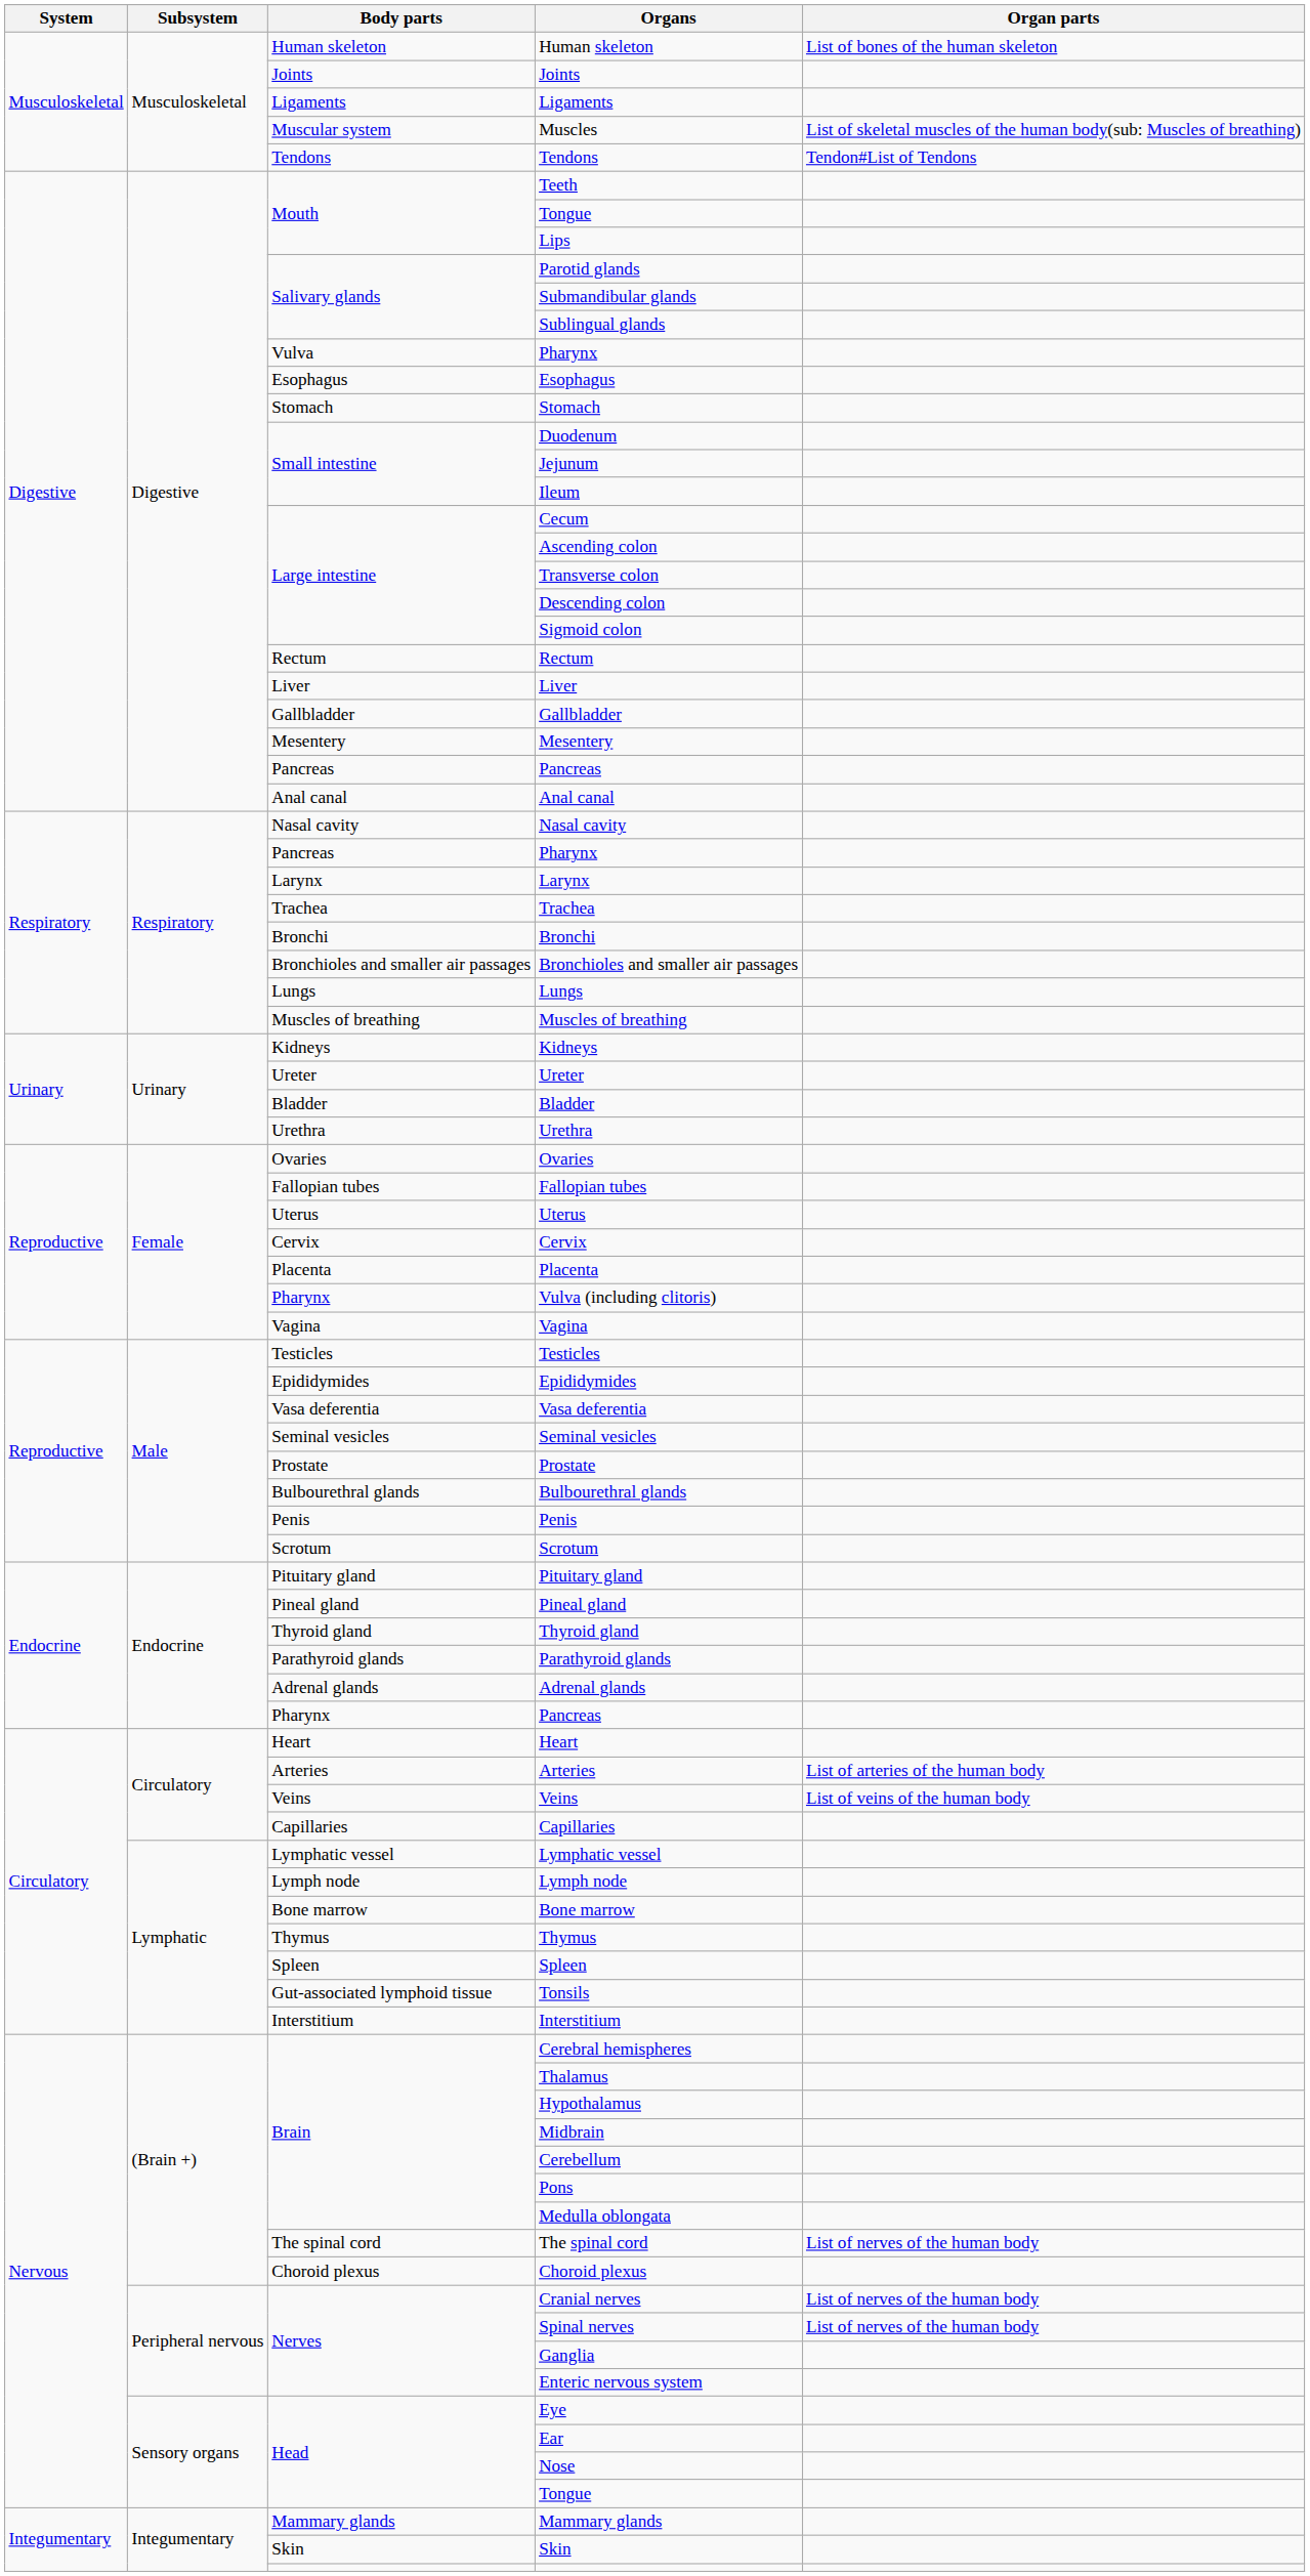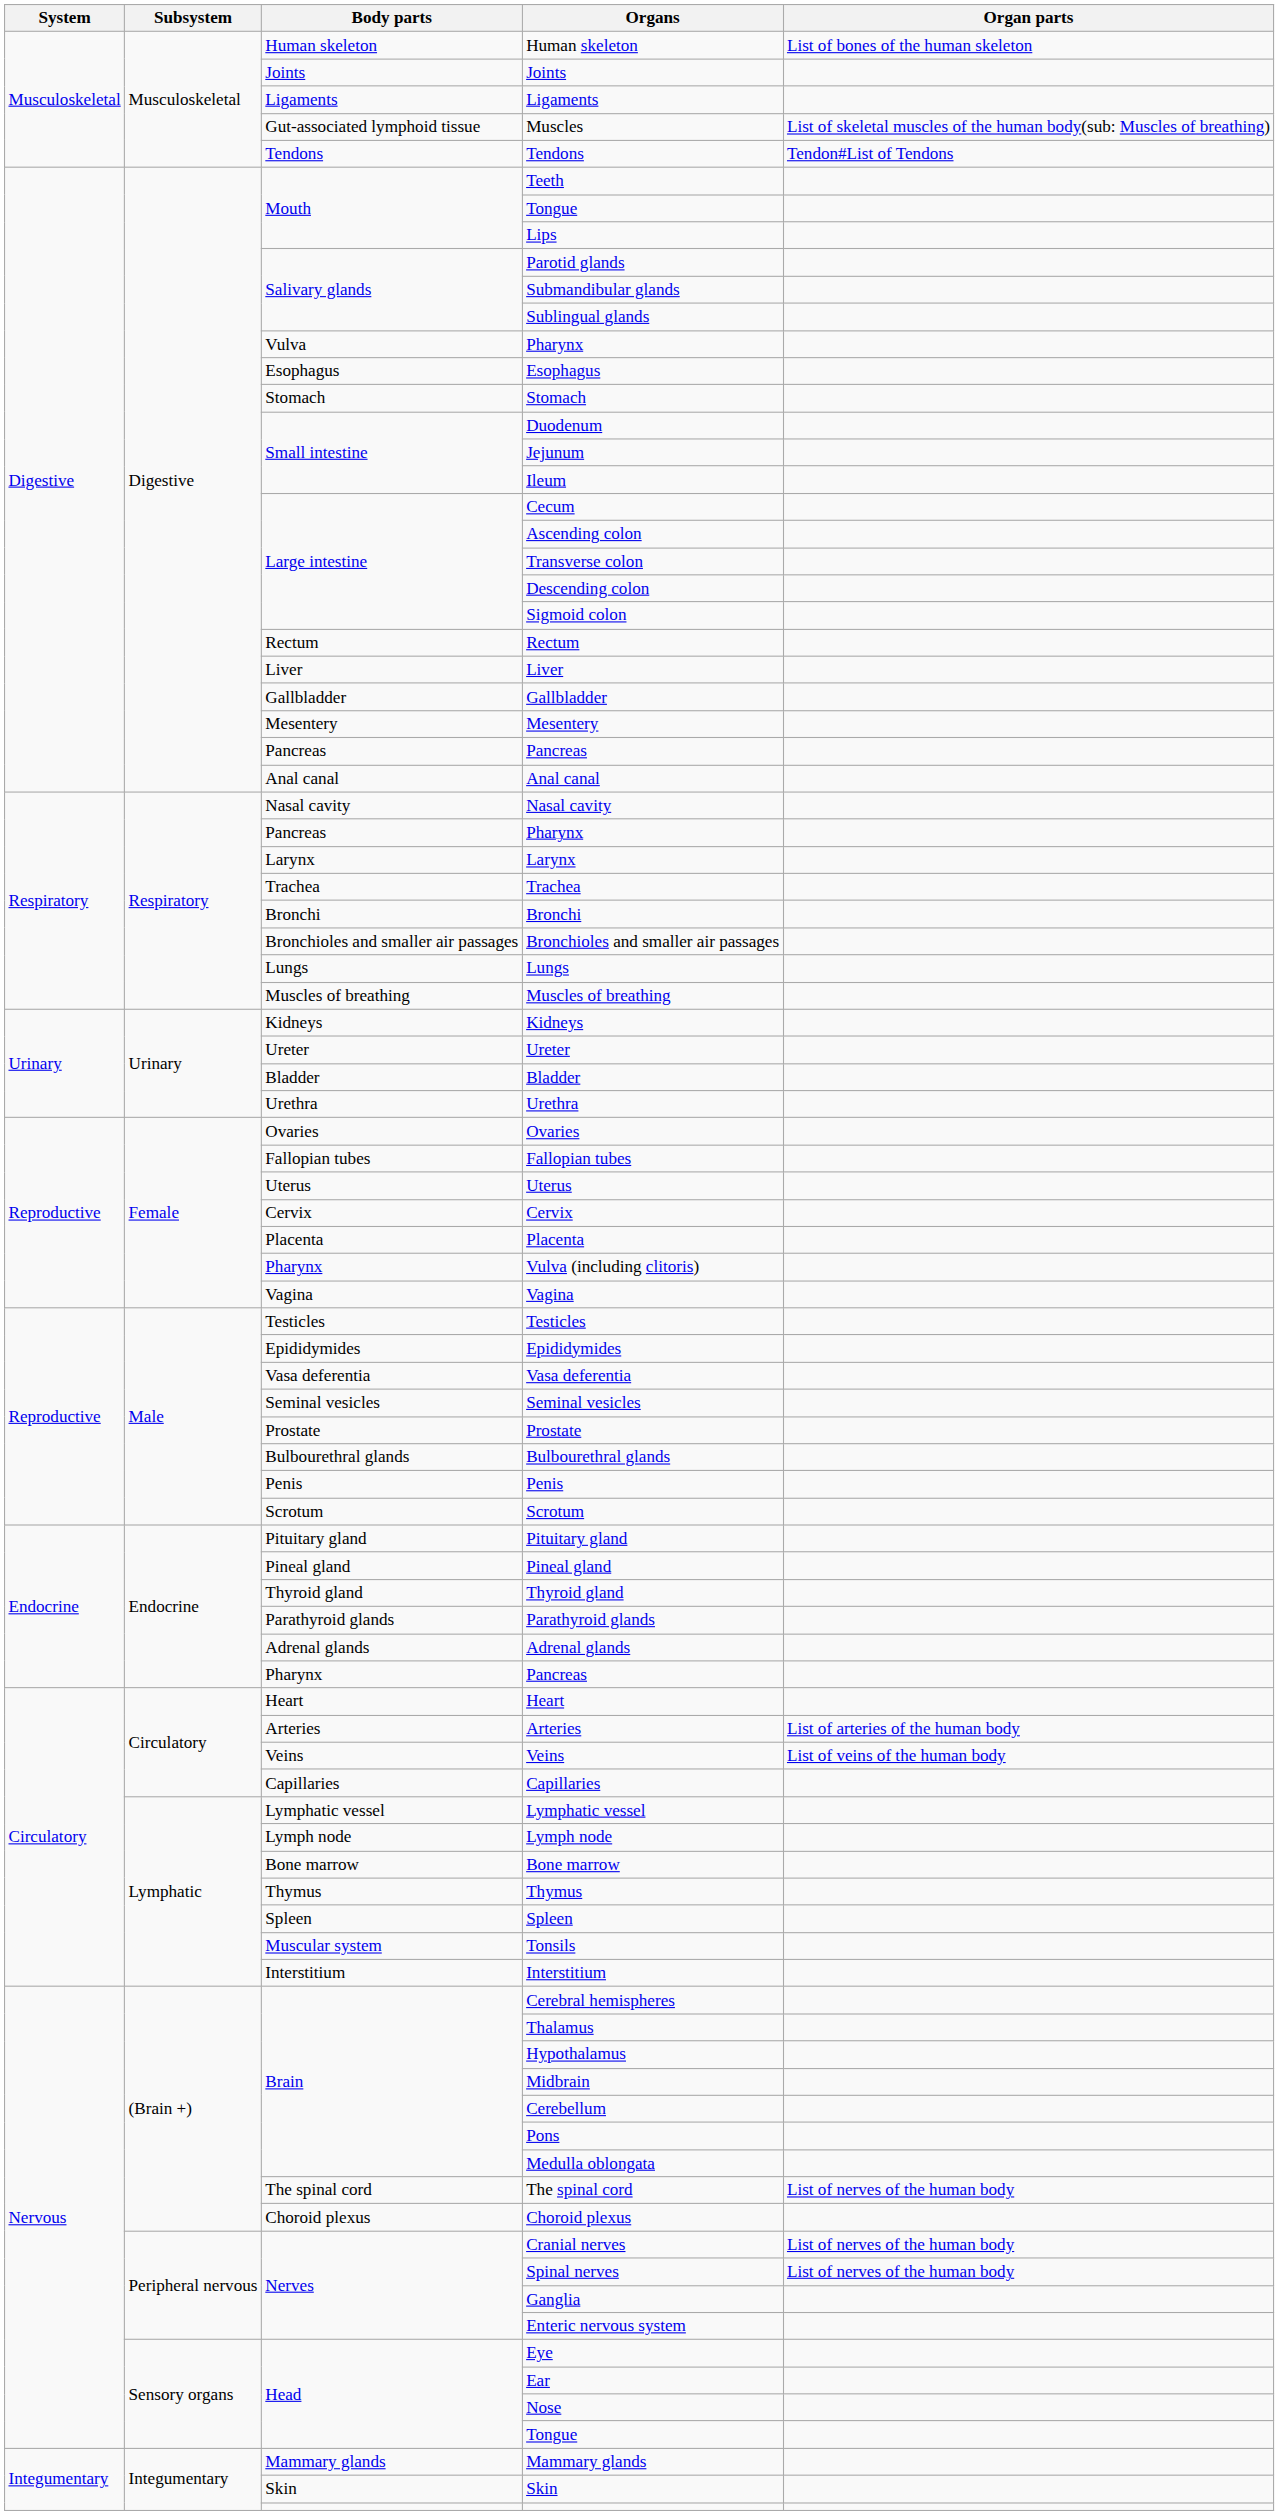 <table class="wikitable sortable static-row-numbers sticky-header">
 <tr>
 <th>System</th>
 <th>Subsystem</th>
 <th>Body parts</th>
 <th>Organs</th>
 <th>Organ parts</th>
 </tr>
 <tr>
 <td rowspan="5"><a href='#'>Musculoskeletal</a></td>
 <td rowspan="5">Musculoskeletal</td>
 <td><a href='#'>Human skeleton</a></td>
 <td>Human <a href='#'>skeleton</a></td>
 <td><a href='#'>List of bones of the human skeleton</a></td>
 </tr>
 <tr>
 <td><a href='#'>Joints</a></td>
 <td><a href='#'>Joints</a></td>
 <td></td>
 </tr>
 <tr>
 <td><a href='#'>Ligaments</a></td>
 <td><a href='#'>Ligaments</a></td>
 <td></td>
 </tr>
 <tr>
-<td><a href='#'>Muscular system</a></td>
+<td>Gut-associated lymphoid tissue</td>
 <td>Muscles</td>
 <td><a href='#'>List of skeletal muscles of the human body</a>(sub: <a href='#'>Muscles of breathing</a>)</td>
 </tr>
 <tr>
 <td><a href='#'>Tendons</a></td>
 <td><a href='#'>Tendons</a></td>
 <td><a href='#'>Tendon#List of Tendons</a></td>
 </tr>
 <tr>
 <td rowspan="23"><a href='#'>Digestive</a></td>
 <td rowspan="23">Digestive</td>
 <td rowspan="3"><a href='#'>Mouth</a></td>
 <td><a href='#'>Teeth</a></td>
 <td></td>
 </tr>
 <tr>
 <td><a href='#'>Tongue</a></td>
 <td></td>
 </tr>
 <tr>
 <td><a href='#'>Lips</a></td>
 <td></td>
 </tr>
 <tr>
 <td rowspan="3"><a href='#'>Salivary glands</a></td>
 <td><a href='#'>Parotid glands</a></td>
 <td></td>
 </tr>
 <tr>
 <td><a href='#'>Submandibular glands</a></td>
 <td></td>
 </tr>
 <tr>
 <td><a href='#'>Sublingual glands</a></td>
 <td></td>
 </tr>
 <tr>
 <td>Vulva</td>
 <td><a href='#'>Pharynx</a></td>
 <td></td>
 </tr>
 <tr>
 <td>Esophagus</td>
 <td><a href='#'>Esophagus</a></td>
 <td></td>
 </tr>
 <tr>
 <td>Stomach</td>
 <td><a href='#'>Stomach</a></td>
 <td></td>
 </tr>
 <tr>
 <td rowspan="3"><a href='#'>Small intestine</a></td>
 <td><a href='#'>Duodenum</a></td>
 <td></td>
 </tr>
 <tr>
 <td><a href='#'>Jejunum</a></td>
 <td></td>
 </tr>
 <tr>
 <td><a href='#'>Ileum</a></td>
 <td></td>
 </tr>
 <tr>
 <td rowspan="5"><a href='#'>Large intestine</a></td>
 <td><a href='#'>Cecum</a></td>
 <td></td>
 </tr>
 <tr>
 <td><a href='#'>Ascending colon</a></td>
 <td></td>
 </tr>
 <tr>
 <td><a href='#'>Transverse colon</a></td>
 <td></td>
 </tr>
 <tr>
 <td><a href='#'>Descending colon</a></td>
 <td></td>
 </tr>
 <tr>
 <td><a href='#'>Sigmoid colon</a></td>
 <td></td>
 </tr>
 <tr>
 <td>Rectum</td>
 <td><a href='#'>Rectum</a></td>
 <td></td>
 </tr>
 <tr>
 <td>Liver</td>
 <td><a href='#'>Liver</a></td>
 <td></td>
 </tr>
 <tr>
 <td>Gallbladder</td>
 <td><a href='#'>Gallbladder</a></td>
 <td></td>
 </tr>
 <tr>
 <td>Mesentery</td>
 <td><a href='#'>Mesentery</a></td>
 <td></td>
 </tr>
 <tr>
 <td>Pancreas</td>
 <td><a href='#'>Pancreas</a></td>
 <td></td>
 </tr>
 <tr>
 <td>Anal canal</td>
 <td><a href='#'>Anal canal</a></td>
 <td></td>
 </tr>
 <tr>
 <td rowspan="8"><a href='#'>Respiratory</a></td>
 <td rowspan="8"><a href='#'>Respiratory</a></td>
 <td>Nasal cavity</td>
 <td><a href='#'>Nasal cavity</a></td>
 <td></td>
 </tr>
 <tr>
 <td>Pancreas</td>
 <td><a href='#'>Pharynx</a></td>
 <td></td>
 </tr>
 <tr>
 <td>Larynx</td>
 <td><a href='#'>Larynx</a></td>
 <td></td>
 </tr>
 <tr>
 <td>Trachea</td>
 <td><a href='#'>Trachea</a></td>
 <td></td>
 </tr>
 <tr>
 <td>Bronchi</td>
 <td><a href='#'>Bronchi</a></td>
 <td></td>
 </tr>
 <tr>
 <td>Bronchioles and smaller air passages</td>
 <td><a href='#'>Bronchioles</a> and smaller air passages</td>
 <td></td>
 </tr>
 <tr>
 <td>Lungs</td>
 <td><a href='#'>Lungs</a></td>
 <td></td>
 </tr>
 <tr>
 <td>Muscles of breathing</td>
 <td><a href='#'>Muscles of breathing</a></td>
 <td></td>
 </tr>
 <tr>
 <td rowspan="4"><a href='#'>Urinary</a></td>
 <td rowspan="4">Urinary</td>
 <td>Kidneys</td>
 <td><a href='#'>Kidneys</a></td>
 <td></td>
 </tr>
 <tr>
 <td>Ureter</td>
 <td><a href='#'>Ureter</a></td>
 <td></td>
 </tr>
 <tr>
 <td>Bladder</td>
 <td><a href='#'>Bladder</a></td>
 <td></td>
 </tr>
 <tr>
 <td>Urethra</td>
 <td><a href='#'>Urethra</a></td>
 <td></td>
 </tr>
 <tr>
 <td rowspan="7"><a href='#'>Reproductive</a></td>
 <td rowspan="7"><a href='#'>Female</a></td>
 <td>Ovaries</td>
 <td><a href='#'>Ovaries</a></td>
 <td></td>
 </tr>
 <tr>
 <td>Fallopian tubes</td>
 <td><a href='#'>Fallopian tubes</a></td>
 <td></td>
 </tr>
 <tr>
 <td>Uterus</td>
 <td><a href='#'>Uterus</a></td>
 <td></td>
 </tr>
 <tr>
 <td>Cervix</td>
 <td><a href='#'>Cervix</a></td>
 <td></td>
 </tr>
 <tr>
 <td>Placenta</td>
 <td><a href='#'>Placenta</a></td>
 <td></td>
 </tr>
 <tr>
 <td><a href='#'>Pharynx</a></td>
 <td><a href='#'>Vulva</a> (including <a href='#'>clitoris</a>)</td>
 <td></td>
 </tr>
 <tr>
 <td>Vagina</td>
 <td><a href='#'>Vagina</a></td>
 <td></td>
 </tr>
 <tr>
 <td rowspan="8"><a href='#'>Reproductive</a></td>
 <td rowspan="8"><a href='#'>Male</a></td>
 <td>Testicles</td>
 <td><a href='#'>Testicles</a></td>
 <td></td>
 </tr>
 <tr>
 <td>Epididymides</td>
 <td><a href='#'>Epididymides</a></td>
 <td></td>
 </tr>
 <tr>
 <td>Vasa deferentia</td>
 <td><a href='#'>Vasa deferentia</a></td>
 <td></td>
 </tr>
 <tr>
 <td>Seminal vesicles</td>
 <td><a href='#'>Seminal vesicles</a></td>
 <td></td>
 </tr>
 <tr>
 <td>Prostate</td>
 <td><a href='#'>Prostate</a></td>
 <td></td>
 </tr>
 <tr>
 <td>Bulbourethral glands</td>
 <td><a href='#'>Bulbourethral glands</a></td>
 <td></td>
 </tr>
 <tr>
 <td>Penis</td>
 <td><a href='#'>Penis</a></td>
 <td></td>
 </tr>
 <tr>
 <td>Scrotum</td>
 <td><a href='#'>Scrotum</a></td>
 <td></td>
 </tr>
 <tr>
 <td rowspan="6"><a href='#'>Endocrine</a></td>
 <td rowspan="6">Endocrine</td>
 <td>Pituitary gland</td>
 <td><a href='#'>Pituitary gland</a></td>
 <td></td>
 </tr>
 <tr>
 <td>Pineal gland</td>
 <td><a href='#'>Pineal gland</a></td>
 <td></td>
 </tr>
 <tr>
 <td>Thyroid gland</td>
 <td><a href='#'>Thyroid gland</a></td>
 <td></td>
 </tr>
 <tr>
 <td>Parathyroid glands</td>
 <td><a href='#'>Parathyroid glands</a></td>
 <td></td>
 </tr>
 <tr>
 <td>Adrenal glands</td>
 <td><a href='#'>Adrenal glands</a></td>
 <td></td>
 </tr>
 <tr>
 <td>Pharynx</td>
 <td><a href='#'>Pancreas</a></td>
 <td></td>
 </tr>
 <tr>
 <td rowspan="11"><a href='#'>Circulatory</a></td>
 <td rowspan="4">Circulatory</td>
 <td>Heart</td>
 <td><a href='#'>Heart</a></td>
 <td></td>
 </tr>
 <tr>
 <td>Arteries</td>
 <td><a href='#'>Arteries</a></td>
 <td><a href='#'>List of arteries of the human body</a></td>
 </tr>
 <tr>
 <td>Veins</td>
 <td><a href='#'>Veins</a></td>
 <td><a href='#'>List of veins of the human body</a></td>
 </tr>
 <tr>
 <td>Capillaries</td>
 <td><a href='#'>Capillaries</a></td>
 <td></td>
 </tr>
 <tr>
 <td rowspan="7">Lymphatic</td>
 <td>Lymphatic vessel</td>
 <td><a href='#'>Lymphatic vessel</a></td>
 <td></td>
 </tr>
 <tr>
 <td>Lymph node</td>
 <td><a href='#'>Lymph node</a></td>
 <td></td>
 </tr>
 <tr>
 <td>Bone marrow</td>
 <td><a href='#'>Bone marrow</a></td>
 <td></td>
 </tr>
 <tr>
 <td>Thymus</td>
 <td><a href='#'>Thymus</a></td>
 <td></td>
 </tr>
 <tr>
 <td>Spleen</td>
 <td><a href='#'>Spleen</a></td>
 <td></td>
 </tr>
 <tr>
-<td>Gut-associated lymphoid tissue</td>
+<td><a href='#'>Muscular system</a></td>
 <td><a href='#'>Tonsils</a></td>
 <td></td>
 </tr>
 <tr>
 <td>Interstitium</td>
 <td><a href='#'>Interstitium</a></td>
 <td></td>
 </tr>
 <tr>
 <td rowspan="17"><a href='#'>Nervous</a></td>
 <td rowspan="9">(Brain +)</td>
 <td rowspan="7"><a href='#'>Brain</a></td>
 <td><a href='#'>Cerebral hemispheres</a></td>
 <td></td>
 </tr>
 <tr>
 <td><a href='#'>Thalamus</a></td>
 <td></td>
 </tr>
 <tr>
 <td><a href='#'>Hypothalamus</a></td>
 <td></td>
 </tr>
 <tr>
 <td><a href='#'>Midbrain</a></td>
 <td></td>
 </tr>
 <tr>
 <td><a href='#'>Cerebellum</a></td>
 <td></td>
 </tr>
 <tr>
 <td><a href='#'>Pons</a></td>
 <td></td>
 </tr>
 <tr>
 <td><a href='#'>Medulla oblongata</a></td>
 <td></td>
 </tr>
 <tr>
 <td>The spinal cord</td>
 <td>The <a href='#'>spinal cord</a></td>
 <td><a href='#'>List of nerves of the human body</a></td>
 </tr>
 <tr>
 <td>Choroid plexus</td>
 <td><a href='#'>Choroid plexus</a></td>
 <td></td>
 </tr>
 <tr>
 <td rowspan="4">Peripheral nervous</td>
 <td rowspan="4"><a href='#'>Nerves</a></td>
 <td><a href='#'>Cranial nerves</a></td>
 <td><a href='#'>List of nerves of the human body</a></td>
 </tr>
 <tr>
 <td><a href='#'>Spinal nerves</a></td>
 <td><a href='#'>List of nerves of the human body</a></td>
 </tr>
 <tr>
 <td><a href='#'>Ganglia</a></td>
 <td></td>
 </tr>
 <tr>
 <td><a href='#'>Enteric nervous system</a></td>
 <td></td>
 </tr>
 <tr>
 <td rowspan="4">Sensory organs</td>
 <td rowspan="4"><a href='#'>Head</a></td>
 <td><a href='#'>Eye</a></td>
 <td></td>
 </tr>
 <tr>
 <td><a href='#'>Ear</a></td>
 <td></td>
 </tr>
 <tr>
 <td><a href='#'>Nose</a></td>
 <td></td>
 </tr>
 <tr>
 <td><a href='#'>Tongue</a></td>
 <td></td>
 </tr>
 <tr>
 <td rowspan="3"><a href='#'>Integumentary</a></td>
 <td rowspan="3">Integumentary</td>
 <td><a href='#'>Mammary glands</a></td>
 <td><a href='#'>Mammary glands</a></td>
 <td></td>
 </tr>
 <tr>
 <td>Skin</td>
 <td><a href='#'>Skin</a></td>
 <td></td>
 </tr>
 <tr>
 <td></td>
 <td></td>
 </tr>
 </table>
